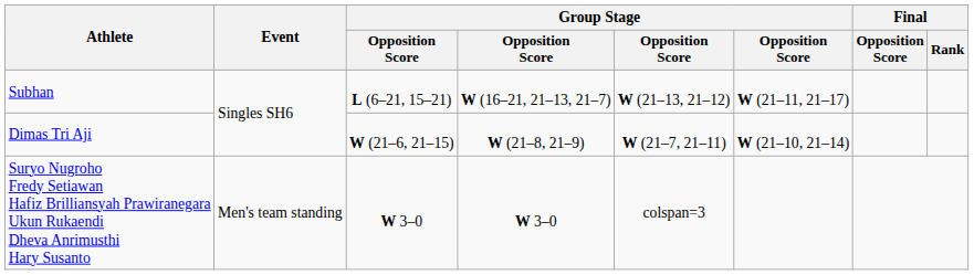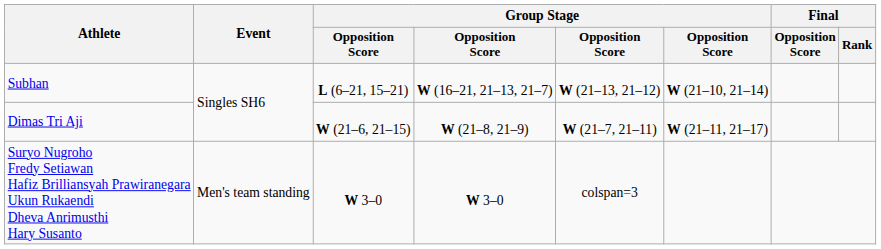 <table class="wikitable" style="font-size:90%; text-align:center">
 <tr>
 <th rowspan="2">Athlete</th>
 <th rowspan="2">Event</th>
 <th colspan="4">Group Stage</th>
 <th colspan="2">Final</th>
 </tr>
 <tr style="font-size:95%">
 <th>Opposition<br>Score</th>
 <th>Opposition<br>Score</th>
 <th>Opposition<br>Score</th>
 <th>Opposition<br>Score</th>
 <th>Opposition<br>Score</th>
 <th>Rank</th>
 </tr>
 <tr>
 <td align="left"><a href='#'>Subhan</a></td>
 <td rowspan="2" align="left">Singles SH6</td>
 <td><br><strong>L</strong> (6–21, 15–21)</td>
 <td><br><strong>W</strong> (16–21, 21–13, 21–7)</td>
 <td><br><strong>W</strong> (21–13, 21–12)</td>
-<td><br><strong>W</strong> (21–11, 21–17)</td>
+<td><br><strong>W</strong> (21–10, 21–14)</td>
 <td></td>
 <td></td>
 </tr>
 <tr>
 <td align="left"><a href='#'>Dimas Tri Aji</a></td>
 <td><br><strong>W</strong> (21–6, 21–15)</td>
 <td><br><strong>W</strong> (21–8, 21–9)</td>
 <td><br><strong>W</strong> (21–7, 21–11)</td>
-<td><br><strong>W</strong> (21–10, 21–14)</td>
+<td><br><strong>W</strong> (21–11, 21–17)</td>
 <td></td>
 <td></td>
 </tr>
 <tr>
 <td align="left"><a href='#'>Suryo Nugroho</a><br><a href='#'>Fredy Setiawan</a><br><a href='#'>Hafiz Brilliansyah Prawiranegara</a><br><a href='#'>Ukun Rukaendi</a><br><a href='#'>Dheva Anrimusthi</a><br><a href='#'>Hary Susanto</a></td>
 <td align="left">Men's team standing</td>
 <td><br><strong>W</strong> 3–0</td>
 <td><br><strong>W</strong> 3–0</td>
 <td>colspan=3 </td>
 <td></td>
 </tr>
 </table>
